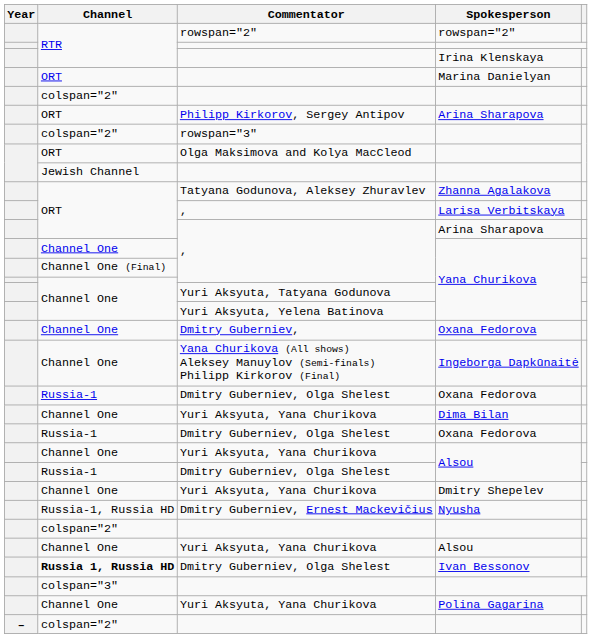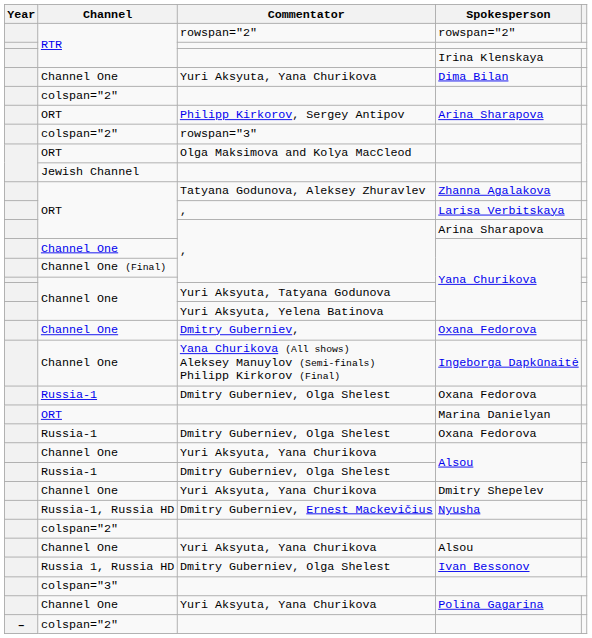 <table class="wikitable plainrowheaders">
 <tr>
 <th scope="col">Year</th>
 <th scope="col">Channel</th>
 <th scope="col">Commentator</th>
 <th scope="col">Spokesperson</th>
 <th scope="col" class="unsortable"></th>
 </tr>
 <tr>
 <th scope="row"></th>
 <td rowspan="3"><a href='#'>RTR</a></td>
 <td>rowspan="2"</td>
 <td>rowspan="2"</td>
 <td></td>
 </tr>
 <tr>
 <th scope="row"></th>
 <td></td>
 </tr>
 <tr>
 <th scope="row"></th>
 <td></td>
 <td>Irina Klenskaya</td>
 <td></td>
 </tr>
 <tr>
 <th scope="row"></th>
-<td><a href='#'>ORT</a></td>
-<td></td>
-<td>Marina Danielyan</td>
+<td>Channel One</td>
+<td>Yuri Aksyuta, Yana Churikova<br></td>
+<td><a href='#'>Dima Bilan</a></td>
 <td></td>
 </tr>
 <tr>
 <th scope="row"></th>
 <td>colspan="2" </td>
 <td></td>
 <td></td>
 </tr>
 <tr>
 <th scope="row"></th>
 <td>ORT</td>
 <td><a href='#'>Philipp Kirkorov</a>, Sergey Antipov</td>
 <td><a href='#'>Arina Sharapova</a></td>
 <td></td>
 </tr>
 <tr>
 <th scope="row"></th>
 <td>colspan="2" </td>
 <td>rowspan="3" </td>
 <td></td>
 </tr>
 <tr>
 <th scope="row" rowspan="2"></th>
 <td>ORT</td>
 <td>Olga Maksimova and Kolya MacCleod</td>
 <td></td>
 </tr>
 <tr>
 <td>Jewish Channel</td>
 <td></td>
 <td></td>
 </tr>
 <tr>
 <th scope="row"></th>
 <td rowspan="3">ORT</td>
 <td>Tatyana Godunova, Aleksey Zhuravlev</td>
 <td><a href='#'>Zhanna Agalakova</a></td>
 <td></td>
 </tr>
 <tr>
 <th scope="row"></th>
 <td>, </td>
 <td><a href='#'>Larisa Verbitskaya</a></td>
 <td></td>
 </tr>
 <tr>
 <th scope="row"></th>
 <td rowspan="4">, </td>
 <td>Arina Sharapova</td>
 <td></td>
 </tr>
 <tr>
 <th scope="row"></th>
 <td><a href='#'>Channel One</a></td>
 <td rowspan="5"><a href='#'>Yana Churikova</a></td>
 <td></td>
 </tr>
 <tr>
 <th scope="row"></th>
 <td>Channel One <small>(Final)</small><br></td>
 <td></td>
 </tr>
 <tr>
 <th scope="row"></th>
 <td rowspan="3">Channel One</td>
 <td></td>
 </tr>
 <tr>
 <th scope="row"></th>
 <td>Yuri Aksyuta, Tatyana Godunova</td>
 <td></td>
 </tr>
 <tr>
 <th scope="row"></th>
 <td>Yuri Aksyuta, Yelena Batinova</td>
 <td></td>
 </tr>
 <tr>
 <th scope="row"></th>
 <td><a href='#'>Channel One</a></td>
 <td><a href='#'>Dmitry Guberniev</a>, </td>
 <td><a href='#'>Oxana Fedorova</a></td>
 <td></td>
 </tr>
 <tr>
 <th scope="row"></th>
 <td>Channel One</td>
 <td><a href='#'>Yana Churikova</a> <small>(All shows)</small><br> Aleksey Manuylov <small>(Semi-finals)</small><br> Philipp Kirkorov <small>(Final)</small></td>
 <td><a href='#'>Ingeborga Dapkūnaitė</a></td>
 <td></td>
 </tr>
 <tr>
 <th scope="row"></th>
 <td><a href='#'>Russia-1</a></td>
 <td>Dmitry Guberniev, Olga Shelest</td>
 <td>Oxana Fedorova</td>
 <td></td>
 </tr>
 <tr>
 <th scope="row"></th>
-<td>Channel One</td>
-<td>Yuri Aksyuta, Yana Churikova<br></td>
-<td><a href='#'>Dima Bilan</a></td>
+<td><a href='#'>ORT</a></td>
+<td></td>
+<td>Marina Danielyan</td>
 <td></td>
 </tr>
 <tr>
 <th scope="row"></th>
 <td>Russia-1</td>
 <td>Dmitry Guberniev, Olga Shelest</td>
 <td>Oxana Fedorova</td>
 <td></td>
 </tr>
 <tr>
 <th scope="row"></th>
 <td>Channel One</td>
 <td>Yuri Aksyuta, Yana Churikova</td>
 <td rowspan="2"><a href='#'>Alsou</a></td>
 <td></td>
 </tr>
 <tr>
 <th scope="row"></th>
 <td>Russia-1</td>
 <td>Dmitry Guberniev, Olga Shelest</td>
 <td></td>
 </tr>
 <tr>
 <th scope="row"></th>
 <td>Channel One</td>
 <td>Yuri Aksyuta, Yana Churikova</td>
 <td>Dmitry Shepelev</td>
 <td></td>
 </tr>
 <tr>
 <th scope="row"></th>
 <td>Russia-1, Russia HD</td>
 <td>Dmitry Guberniev, <a href='#'>Ernest Mackevičius</a></td>
 <td><a href='#'>Nyusha</a></td>
 <td></td>
 </tr>
 <tr>
 <th scope="row"></th>
 <td>colspan="2" </td>
 <td></td>
 <td></td>
 </tr>
 <tr>
 <th scope="row"></th>
 <td>Channel One</td>
 <td>Yuri Aksyuta, Yana Churikova</td>
 <td>Alsou</td>
 <td></td>
 </tr>
 <tr>
 <th scope="row"></th>
-<td><strong>Russia 1, Russia HD</strong></td>
+<td>Russia 1, Russia HD</td>
 <td>Dmitry Guberniev, Olga Shelest</td>
 <td><a href='#'>Ivan Bessonov</a></td>
 <td></td>
 </tr>
 <tr>
 <th scope="row"></th>
 <td>colspan="3" </td>
 <td></td>
 </tr>
 <tr>
 <th scope="row"></th>
 <td>Channel One</td>
 <td>Yuri Aksyuta, Yana Churikova</td>
 <td><a href='#'>Polina Gagarina</a></td>
 <td></td>
 </tr>
 <tr>
 <th scope="row">–</th>
 <td>colspan="2" </td>
 <td></td>
 <td></td>
 </tr>
 </table>
